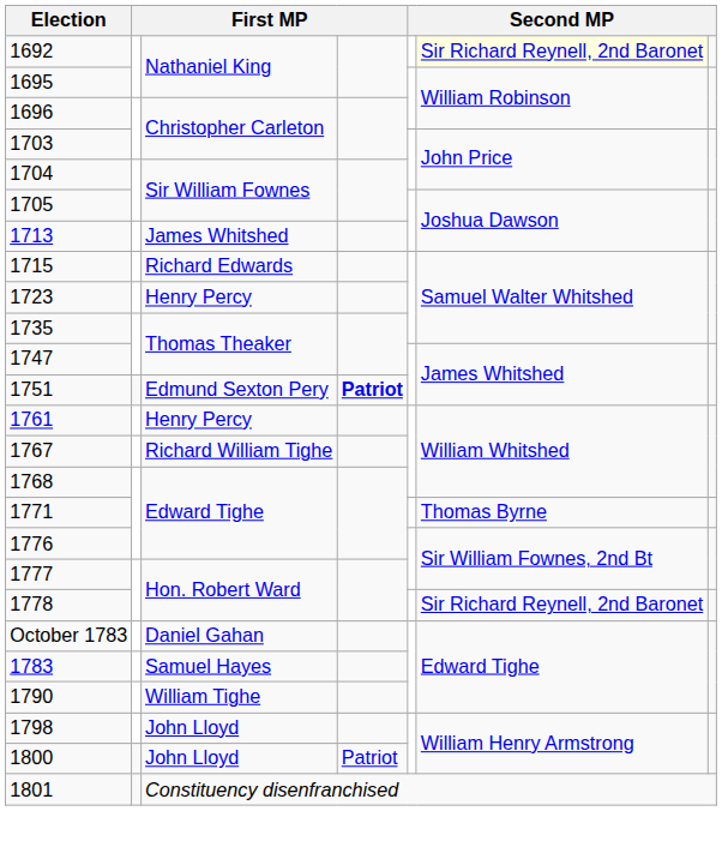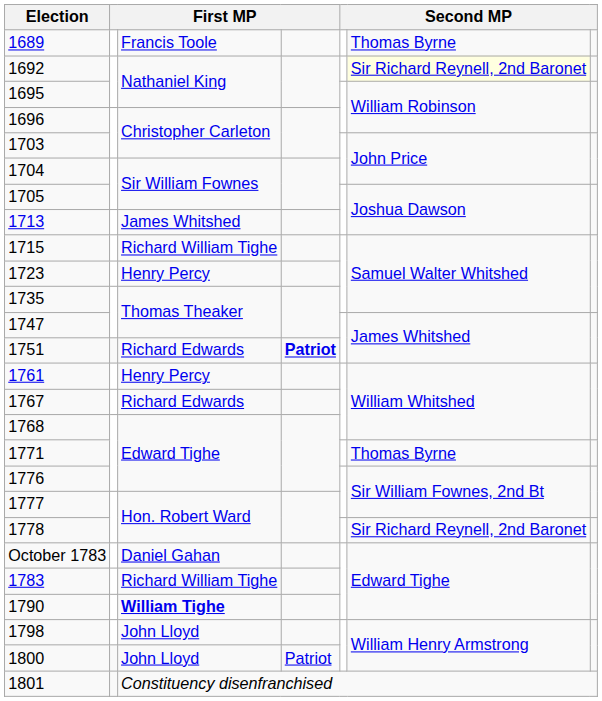 <table class="wikitable">
 <tr>
 <th>Election</th>
 <th colspan=3>First MP</th>
 <th colspan=3>Second MP</th>
+</tr>
+<tr>
+<td><a href='#'>1689</a></td>
+<td style="background-color: white"></td>
+<td><a href='#'>Francis Toole</a></td>
+<td></td>
+<td style="background-color: white"></td>
+<td><a href='#'>Thomas Byrne</a></td>
+<td></td>
 </tr>
 <tr>
 <td>1692</td>
 <td rowspan="2" style="background-color: white"></td>
 <td rowspan="2"><a href='#'>Nathaniel King</a></td>
 <td rowspan="2"></td>
 <td style="background-color: white"></td>
 <td style="background: lightyellow;"><a href='#'>Sir Richard Reynell, 2nd Baronet</a></td>
 <td></td>
 </tr>
 <tr>
 <td>1695</td>
 <td rowspan="2" style="background-color: white"></td>
 <td rowspan="2"><a href='#'>William Robinson</a></td>
 <td rowspan="2"></td>
 </tr>
 <tr>
 <td>1696</td>
 <td rowspan="2" style="background-color: white"></td>
 <td rowspan="2"><a href='#'>Christopher Carleton</a></td>
 <td rowspan="2"></td>
 </tr>
 <tr>
 <td>1703</td>
 <td rowspan="2" style="background-color: white"></td>
 <td rowspan="2"><a href='#'>John Price</a></td>
 <td rowspan="2"></td>
 </tr>
 <tr>
 <td>1704</td>
 <td rowspan="2" style="background-color: white"></td>
 <td rowspan="2"><a href='#'>Sir William Fownes</a> </td>
 <td rowspan="2"></td>
 </tr>
 <tr>
 <td>1705</td>
 <td rowspan="2" style="background-color: white"></td>
 <td rowspan="2"><a href='#'>Joshua Dawson</a></td>
 <td rowspan="2"></td>
 </tr>
 <tr>
 <td><a href='#'>1713</a></td>
 <td style="background-color: white"></td>
 <td><a href='#'>James Whitshed</a></td>
 <td></td>
 </tr>
 <tr>
 <td>1715</td>
 <td style="background-color: white"></td>
-<td><a href='#'>Richard Edwards</a></td>
+<td><a href='#'>Richard William Tighe</a></td>
 <td></td>
 <td rowspan="3" style="background-color: white"></td>
 <td rowspan="3"><a href='#'>Samuel Walter Whitshed</a></td>
 <td rowspan="3"></td>
 </tr>
 <tr>
 <td>1723</td>
 <td style="background-color: white"></td>
 <td><a href='#'>Henry Percy</a></td>
 <td></td>
 </tr>
 <tr>
 <td>1735</td>
 <td rowspan="2" style="background-color: white"></td>
 <td rowspan="2"><a href='#'>Thomas Theaker</a></td>
 <td rowspan="2"></td>
 </tr>
 <tr>
 <td>1747</td>
 <td rowspan="2" style="background-color: white"></td>
 <td rowspan="2"><a href='#'>James Whitshed</a></td>
 <td rowspan="2"></td>
 </tr>
 <tr>
 <td>1751</td>
 <td style="background-color: "></td>
-<td><a href='#'>Edmund Sexton Pery</a></td>
+<td><a href='#'>Richard Edwards</a></td>
 <td><strong><a href='#'>Patriot</a></strong></td>
 </tr>
 <tr>
 <td><a href='#'>1761</a></td>
 <td style="background-color: white"></td>
 <td><a href='#'>Henry Percy</a></td>
 <td></td>
 <td rowspan="3" style="background-color: white"></td>
 <td rowspan="3"><a href='#'>William Whitshed</a></td>
 <td rowspan="3"></td>
 </tr>
 <tr>
 <td>1767</td>
 <td style="background-color: white"></td>
-<td><a href='#'>Richard William Tighe</a></td>
+<td><a href='#'>Richard Edwards</a></td>
 <td></td>
 </tr>
 <tr>
 <td>1768</td>
 <td rowspan="3" style="background-color: white"></td>
 <td rowspan="3"><a href='#'>Edward Tighe</a></td>
 <td rowspan="3"></td>
 </tr>
 <tr>
 <td>1771</td>
 <td style="background-color: white"></td>
 <td><a href='#'>Thomas Byrne</a></td>
 <td></td>
 </tr>
 <tr>
 <td>1776</td>
 <td rowspan="2" style="background-color: white"></td>
 <td rowspan="2"><a href='#'>Sir William Fownes, 2nd Bt</a></td>
 <td rowspan="2"></td>
 </tr>
 <tr>
 <td>1777</td>
 <td rowspan="2" style="background-color: white"></td>
 <td rowspan="2"><a href='#'>Hon. Robert Ward</a></td>
 <td rowspan="2"></td>
 </tr>
 <tr>
 <td>1778</td>
 <td style="background-color: white"></td>
 <td><a href='#'>Sir Richard Reynell, 2nd Baronet</a></td>
 <td></td>
 </tr>
 <tr>
 <td>October 1783</td>
 <td style="background-color: white"></td>
 <td><a href='#'>Daniel Gahan</a></td>
 <td></td>
 <td rowspan="3" style="background-color: white"></td>
 <td rowspan="3"><a href='#'>Edward Tighe</a></td>
 <td rowspan="3"></td>
 </tr>
 <tr>
 <td><a href='#'>1783</a></td>
 <td style="background-color: white"></td>
-<td><a href='#'>Samuel Hayes</a></td>
+<td><a href='#'>Richard William Tighe</a></td>
 <td></td>
 </tr>
 <tr>
 <td>1790</td>
 <td style="background-color: white"></td>
-<td><a href='#'>William Tighe</a></td>
+<td><strong><a href='#'>William Tighe</a></strong></td>
 <td></td>
 </tr>
 <tr>
 <td>1798</td>
 <td style="background-color: white"></td>
 <td><a href='#'>John Lloyd</a></td>
 <td></td>
 <td rowspan="2" style="background-color: white"></td>
 <td rowspan="2"><a href='#'>William Henry Armstrong</a></td>
 <td rowspan="2"></td>
 </tr>
 <tr>
 <td>1800</td>
 <td style="background-color: "></td>
 <td><a href='#'>John Lloyd</a></td>
 <td><a href='#'>Patriot</a></td>
 </tr>
 <tr>
 <td>1801</td>
 <td></td>
 <td colspan= "5"><em>Constituency disenfranchised</em></td>
 </tr>
 </table>
